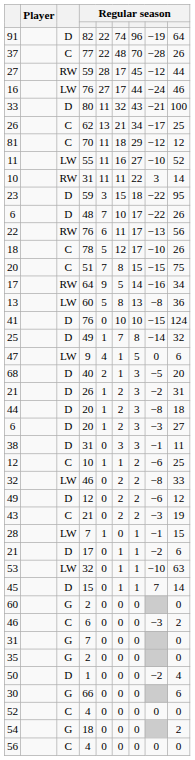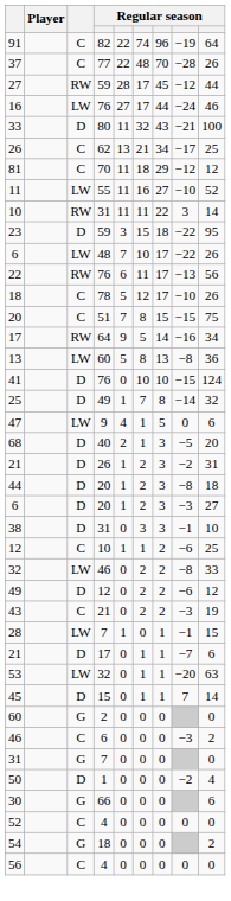 <table class="wikitable sortable plainrowheaders" style="text-align:center;">
 <tr>
 <th scope="col" data-sort-type="number" rowspan="2"></th>
 <th scope="col" rowspan="2">Player</th>
 <th scope="col" rowspan="2"></th>
 <th scope=colgroup colspan=6>Regular season</th>
 </tr>
 <tr>
 <th scope="col" data-sort-type="number"></th>
 <th scope="col" data-sort-type="number"></th>
 <th scope="col" data-sort-type="number"></th>
 <th scope="col" data-sort-type="number"></th>
 <th scope="col" data-sort-type="number"></th>
 <th scope="col" data-sort-type="number"></th>
 </tr>
 <tr>
 <td scope="row">91</td>
 <td align="left"></td>
-<td>D</td>
+<td>C</td>
 <td>82</td>
 <td>22</td>
 <td>74</td>
 <td>96</td>
 <td>−19</td>
 <td>64</td>
 </tr>
 <tr>
 <td scope="row">37</td>
 <td align="left"></td>
 <td>C</td>
 <td>77</td>
 <td>22</td>
 <td>48</td>
 <td>70</td>
 <td>−28</td>
 <td>26</td>
 </tr>
 <tr>
 <td scope="row">27</td>
 <td align="left"></td>
 <td>RW</td>
 <td>59</td>
 <td>28</td>
 <td>17</td>
 <td>45</td>
 <td>−12</td>
 <td>44</td>
 </tr>
 <tr>
 <td scope="row">16</td>
 <td align="left"></td>
 <td>LW</td>
 <td>76</td>
 <td>27</td>
 <td>17</td>
 <td>44</td>
 <td>−24</td>
 <td>46</td>
 </tr>
 <tr>
 <td scope="row">33</td>
 <td align="left"></td>
 <td>D</td>
 <td>80</td>
 <td>11</td>
 <td>32</td>
 <td>43</td>
 <td>−21</td>
 <td>100</td>
 </tr>
 <tr>
 <td scope="row">26</td>
 <td align="left"></td>
 <td>C</td>
 <td>62</td>
 <td>13</td>
 <td>21</td>
 <td>34</td>
 <td>−17</td>
 <td>25</td>
 </tr>
 <tr>
 <td scope="row">81</td>
 <td align="left"></td>
 <td>C</td>
 <td>70</td>
 <td>11</td>
 <td>18</td>
 <td>29</td>
 <td>−12</td>
 <td>12</td>
 </tr>
 <tr>
 <td scope="row">11</td>
 <td align="left"></td>
 <td>LW</td>
 <td>55</td>
 <td>11</td>
 <td>16</td>
 <td>27</td>
 <td>−10</td>
 <td>52</td>
 </tr>
 <tr>
 <td scope="row">10</td>
 <td align="left"></td>
 <td>RW</td>
 <td>31</td>
 <td>11</td>
 <td>11</td>
 <td>22</td>
 <td>3</td>
 <td>14</td>
 </tr>
 <tr>
 <td scope="row">23</td>
 <td align="left"></td>
 <td>D</td>
 <td>59</td>
 <td>3</td>
 <td>15</td>
 <td>18</td>
 <td>−22</td>
 <td>95</td>
 </tr>
 <tr>
 <td scope="row">6</td>
 <td align="left"></td>
-<td>D</td>
+<td>LW</td>
 <td>48</td>
 <td>7</td>
 <td>10</td>
 <td>17</td>
 <td>−22</td>
 <td>26</td>
 </tr>
 <tr>
 <td scope="row">22</td>
 <td align="left"></td>
 <td>RW</td>
 <td>76</td>
 <td>6</td>
 <td>11</td>
 <td>17</td>
 <td>−13</td>
 <td>56</td>
 </tr>
 <tr>
 <td scope="row">18</td>
 <td align="left"></td>
 <td>C</td>
 <td>78</td>
 <td>5</td>
 <td>12</td>
 <td>17</td>
 <td>−10</td>
 <td>26</td>
 </tr>
 <tr>
 <td scope="row">20</td>
 <td align="left"></td>
 <td>C</td>
 <td>51</td>
 <td>7</td>
 <td>8</td>
 <td>15</td>
 <td>−15</td>
 <td>75</td>
 </tr>
 <tr>
 <td scope="row">17</td>
 <td align="left"></td>
 <td>RW</td>
 <td>64</td>
 <td>9</td>
 <td>5</td>
 <td>14</td>
 <td>−16</td>
 <td>34</td>
 </tr>
 <tr>
 <td scope="row">13</td>
 <td align="left"></td>
 <td>LW</td>
 <td>60</td>
 <td>5</td>
 <td>8</td>
 <td>13</td>
 <td>−8</td>
 <td>36</td>
 </tr>
 <tr>
 <td scope="row">41</td>
 <td align="left"></td>
 <td>D</td>
 <td>76</td>
 <td>0</td>
 <td>10</td>
 <td>10</td>
 <td>−15</td>
 <td>124</td>
 </tr>
 <tr>
 <td scope="row">25</td>
 <td align="left"></td>
 <td>D</td>
 <td>49</td>
 <td>1</td>
 <td>7</td>
 <td>8</td>
 <td>−14</td>
 <td>32</td>
 </tr>
 <tr>
 <td scope="row">47</td>
 <td align="left"></td>
 <td>LW</td>
 <td>9</td>
 <td>4</td>
 <td>1</td>
 <td>5</td>
 <td>0</td>
 <td>6</td>
 </tr>
 <tr>
 <td scope="row">68</td>
 <td align="left"></td>
 <td>D</td>
 <td>40</td>
 <td>2</td>
 <td>1</td>
 <td>3</td>
 <td>−5</td>
 <td>20</td>
 </tr>
 <tr>
 <td scope="row">21</td>
 <td align="left"></td>
 <td>D</td>
 <td>26</td>
 <td>1</td>
 <td>2</td>
 <td>3</td>
 <td>−2</td>
 <td>31</td>
 </tr>
 <tr>
 <td scope="row">44</td>
 <td align="left"></td>
 <td>D</td>
 <td>20</td>
 <td>1</td>
 <td>2</td>
 <td>3</td>
 <td>−8</td>
 <td>18</td>
 </tr>
 <tr>
 <td scope="row">6</td>
 <td align="left"></td>
 <td>D</td>
 <td>20</td>
 <td>1</td>
 <td>2</td>
 <td>3</td>
 <td>−3</td>
 <td>27</td>
 </tr>
 <tr>
 <td scope="row">38</td>
 <td align="left"></td>
 <td>D</td>
 <td>31</td>
 <td>0</td>
 <td>3</td>
 <td>3</td>
 <td>−1</td>
-<td>11</td>
+<td>10</td>
 </tr>
 <tr>
 <td scope="row">12</td>
 <td align="left"></td>
 <td>C</td>
 <td>10</td>
 <td>1</td>
 <td>1</td>
 <td>2</td>
 <td>−6</td>
 <td>25</td>
 </tr>
 <tr>
 <td scope="row">32</td>
 <td align="left"></td>
 <td>LW</td>
 <td>46</td>
 <td>0</td>
 <td>2</td>
 <td>2</td>
 <td>−8</td>
 <td>33</td>
 </tr>
 <tr>
 <td scope="row">49</td>
 <td align="left"></td>
 <td>D</td>
 <td>12</td>
 <td>0</td>
 <td>2</td>
 <td>2</td>
 <td>−6</td>
 <td>12</td>
 </tr>
 <tr>
 <td scope="row">43</td>
 <td align="left"></td>
 <td>C</td>
 <td>21</td>
 <td>0</td>
 <td>2</td>
 <td>2</td>
 <td>−3</td>
 <td>19</td>
 </tr>
 <tr>
 <td scope="row">28</td>
 <td align="left"></td>
 <td>LW</td>
 <td>7</td>
 <td>1</td>
 <td>0</td>
 <td>1</td>
 <td>−1</td>
 <td>15</td>
 </tr>
 <tr>
 <td scope="row">21</td>
 <td align="left"></td>
 <td>D</td>
 <td>17</td>
 <td>0</td>
 <td>1</td>
 <td>1</td>
-<td>−2</td>
+<td>−7</td>
 <td>6</td>
 </tr>
 <tr>
 <td scope="row">53</td>
 <td align="left"></td>
 <td>LW</td>
 <td>32</td>
 <td>0</td>
 <td>1</td>
 <td>1</td>
-<td>−10</td>
+<td>−20</td>
 <td>63</td>
 </tr>
 <tr>
 <td scope="row">45</td>
 <td align="left"></td>
 <td>D</td>
 <td>15</td>
 <td>0</td>
 <td>1</td>
 <td>1</td>
 <td>7</td>
 <td>14</td>
 </tr>
 <tr>
 <td scope="row">60</td>
 <td align="left"></td>
 <td>G</td>
 <td>2</td>
 <td>0</td>
 <td>0</td>
 <td>0</td>
 <td style="background:#ccc"></td>
 <td>0</td>
 </tr>
 <tr>
 <td scope="row">46</td>
 <td align="left"></td>
 <td>C</td>
 <td>6</td>
 <td>0</td>
 <td>0</td>
 <td>0</td>
 <td>−3</td>
 <td>2</td>
 </tr>
 <tr>
 <td scope="row">31</td>
 <td align="left"></td>
 <td>G</td>
 <td>7</td>
-<td>0</td>
-<td>0</td>
-<td>0</td>
-<td style="background:#ccc"></td>
-<td>0</td>
-</tr>
-<tr>
-<td scope="row">35</td>
-<td align="left"></td>
-<td>G</td>
-<td>2</td>
 <td>0</td>
 <td>0</td>
 <td>0</td>
 <td style="background:#ccc"></td>
 <td>0</td>
 </tr>
 <tr>
 <td scope="row">50</td>
 <td align="left"></td>
 <td>D</td>
 <td>1</td>
 <td>0</td>
 <td>0</td>
 <td>0</td>
 <td>−2</td>
 <td>4</td>
 </tr>
 <tr>
 <td scope="row">30</td>
 <td align="left"></td>
 <td>G</td>
 <td>66</td>
 <td>0</td>
 <td>0</td>
 <td>0</td>
 <td style="background:#ccc"></td>
 <td>6</td>
 </tr>
 <tr>
 <td scope="row">52</td>
 <td align="left"></td>
 <td>C</td>
 <td>4</td>
 <td>0</td>
 <td>0</td>
 <td>0</td>
 <td>0</td>
 <td>0</td>
 </tr>
 <tr>
 <td scope="row">54</td>
 <td align="left"></td>
 <td>G</td>
 <td>18</td>
 <td>0</td>
 <td>0</td>
 <td>0</td>
 <td style="background:#ccc"></td>
 <td>2</td>
 </tr>
 <tr>
 <td scope="row">56</td>
 <td align="left"></td>
 <td>C</td>
 <td>4</td>
 <td>0</td>
 <td>0</td>
 <td>0</td>
 <td>0</td>
 <td>0</td>
 </tr>
 </table>
